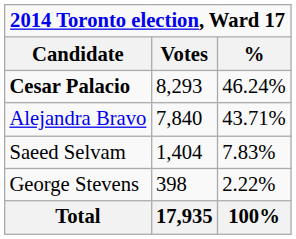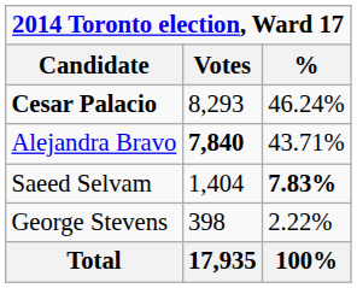 <table class="wikitable">
 <tr>
 <td Colspan="3" align="center"><strong><a href='#'>2014 Toronto election</a>, Ward 17</strong></td>
 </tr>
 <tr>
 <th>Candidate</th>
 <th>Votes</th>
 <th>%</th>
 </tr>
 <tr>
 <td><strong>Cesar Palacio</strong></td>
 <td>8,293</td>
 <td>46.24%</td>
 </tr>
 <tr>
 <td><a href='#'>Alejandra Bravo</a></td>
-<td>7,840</td>
+<td><strong>7,840</strong></td>
 <td>43.71%</td>
 </tr>
 <tr>
 <td>Saeed Selvam</td>
 <td>1,404</td>
-<td>7.83%</td>
+<td><strong>7.83%</strong></td>
 </tr>
 <tr>
 <td>George Stevens</td>
 <td>398</td>
 <td>2.22%</td>
 </tr>
 <tr>
 <th>Total</th>
 <th>17,935</th>
 <th>100%</th>
 </tr>
 </table>
